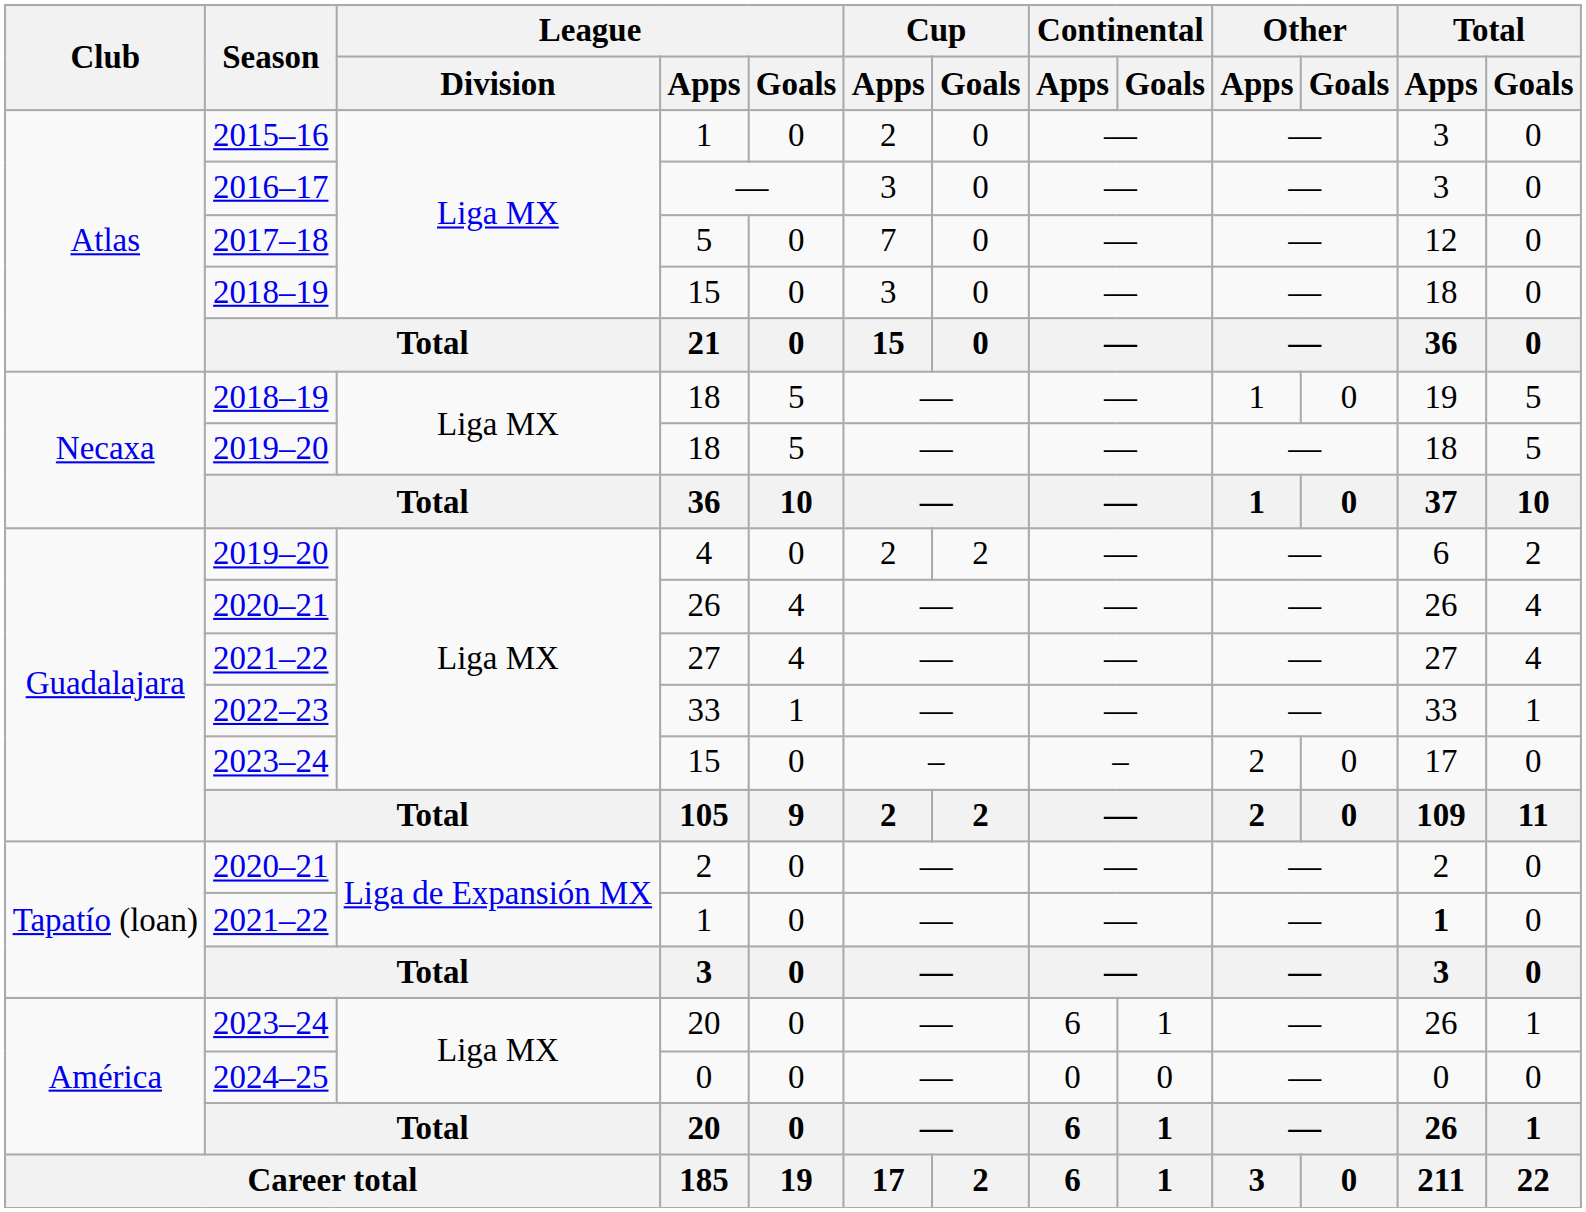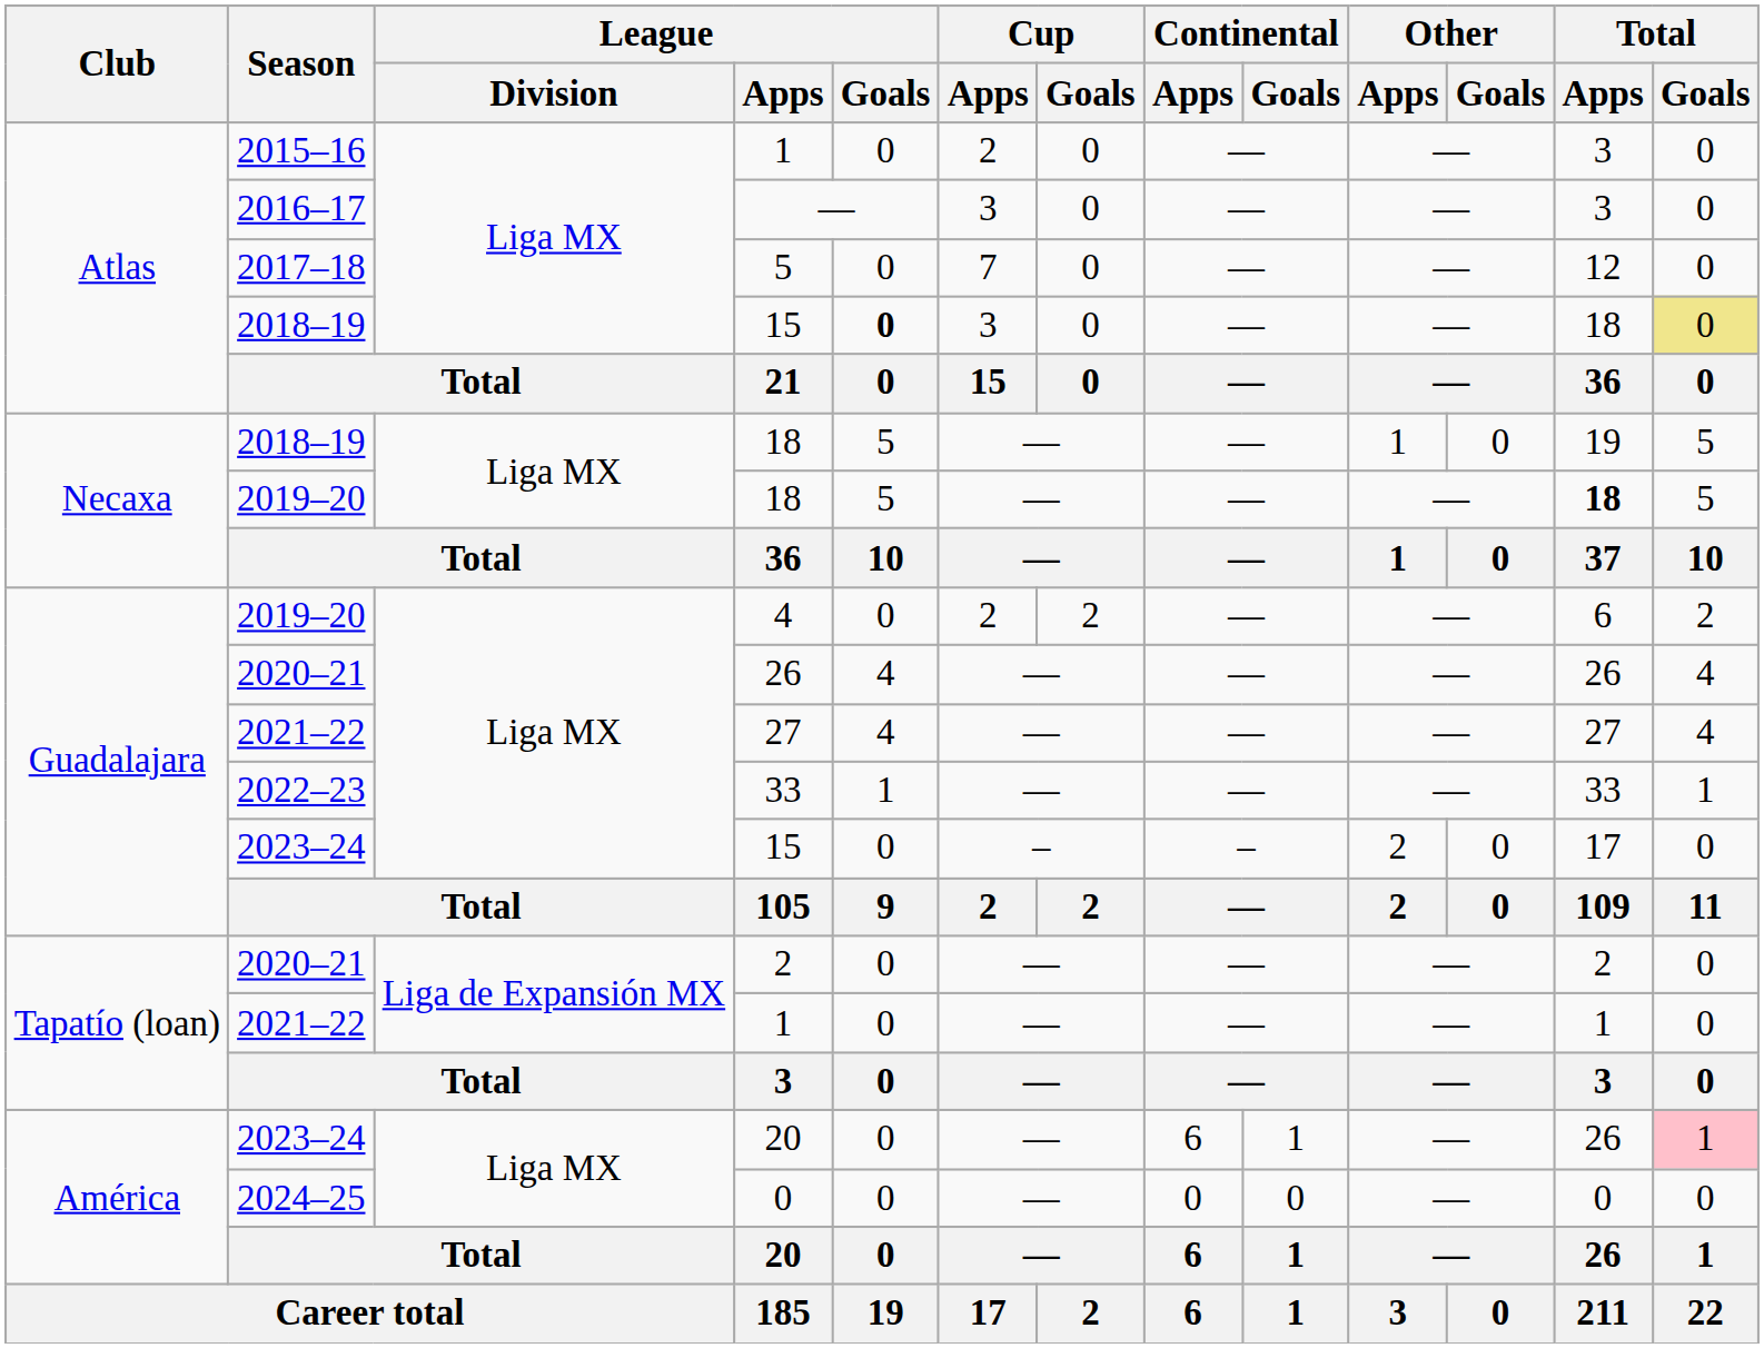 <table class="wikitable" style="text-align:center">
 <tr>
 <th rowspan="2">Club</th>
 <th rowspan="2">Season</th>
 <th colspan="3">League</th>
 <th colspan="2">Cup</th>
 <th colspan="2">Continental</th>
 <th colspan="2">Other</th>
 <th colspan="2">Total</th>
 </tr>
 <tr>
 <th>Division</th>
 <th>Apps</th>
 <th>Goals</th>
 <th>Apps</th>
 <th>Goals</th>
 <th>Apps</th>
 <th>Goals</th>
 <th>Apps</th>
 <th>Goals</th>
 <th>Apps</th>
 <th>Goals</th>
 </tr>
 <tr>
 <td rowspan="5"><a href='#'>Atlas</a></td>
 <td><a href='#'>2015–16</a></td>
 <td rowspan="4"><a href='#'>Liga MX</a></td>
 <td>1</td>
 <td>0</td>
 <td>2</td>
 <td>0</td>
 <td colspan=2>—</td>
 <td colspan=2>—</td>
 <td>3</td>
 <td>0</td>
 </tr>
 <tr>
 <td><a href='#'>2016–17</a></td>
 <td colspan=2>—</td>
 <td>3</td>
 <td>0</td>
 <td colspan=2>—</td>
 <td colspan=2>—</td>
 <td>3</td>
 <td>0</td>
 </tr>
 <tr>
 <td><a href='#'>2017–18</a></td>
 <td>5</td>
 <td>0</td>
 <td>7</td>
 <td>0</td>
 <td colspan=2>—</td>
 <td colspan=2>—</td>
 <td>12</td>
 <td>0</td>
 </tr>
 <tr>
 <td><a href='#'>2018–19</a></td>
 <td>15</td>
-<td>0</td>
+<td><strong>0</strong></td>
 <td>3</td>
 <td>0</td>
 <td colspan=2>—</td>
 <td colspan=2>—</td>
 <td>18</td>
-<td>0</td>
+<td style="background: khaki;">0</td>
 </tr>
 <tr>
 <th colspan="2">Total</th>
 <th>21</th>
 <th>0</th>
 <th>15</th>
 <th>0</th>
 <th colspan=2>—</th>
 <th colspan=2>—</th>
 <th>36</th>
 <th>0</th>
 </tr>
 <tr>
 <td rowspan="3"><a href='#'>Necaxa</a></td>
 <td><a href='#'>2018–19</a></td>
 <td rowspan="2">Liga MX</td>
 <td>18</td>
 <td>5</td>
 <td colspan=2>—</td>
 <td colspan=2>—</td>
 <td>1</td>
 <td>0</td>
 <td>19</td>
 <td>5</td>
 </tr>
 <tr>
 <td><a href='#'>2019–20</a></td>
 <td>18</td>
 <td>5</td>
 <td colspan=2>—</td>
 <td colspan=2>—</td>
 <td colspan="2">—</td>
-<td>18</td>
+<td><strong>18</strong></td>
 <td>5</td>
 </tr>
 <tr>
 <th colspan="2">Total</th>
 <th>36</th>
 <th>10</th>
 <th colspan=2>—</th>
 <th colspan=2>—</th>
 <th>1</th>
 <th>0</th>
 <th>37</th>
 <th>10</th>
 </tr>
 <tr>
 <td rowspan="6"><a href='#'>Guadalajara</a></td>
 <td><a href='#'>2019–20</a></td>
 <td rowspan="5">Liga MX</td>
 <td>4</td>
 <td>0</td>
 <td>2</td>
 <td>2</td>
 <td colspan=2>—</td>
 <td colspan=2>—</td>
 <td>6</td>
 <td>2</td>
 </tr>
 <tr>
 <td><a href='#'>2020–21</a></td>
 <td>26</td>
 <td>4</td>
 <td colspan=2>—</td>
 <td colspan=2>—</td>
 <td colspan="2">—</td>
 <td>26</td>
 <td>4</td>
 </tr>
 <tr>
 <td><a href='#'>2021–22</a></td>
 <td>27</td>
 <td>4</td>
 <td colspan=2>—</td>
 <td colspan=2>—</td>
 <td colspan="2">—</td>
 <td>27</td>
 <td>4</td>
 </tr>
 <tr>
 <td><a href='#'>2022–23</a></td>
 <td>33</td>
 <td>1</td>
 <td colspan=2>—</td>
 <td colspan=2>—</td>
 <td colspan="2">—</td>
 <td>33</td>
 <td>1</td>
 </tr>
 <tr>
 <td><a href='#'>2023–24</a></td>
 <td>15</td>
 <td>0</td>
 <td colspan="2">–</td>
 <td colspan="2">–</td>
 <td>2</td>
 <td>0</td>
 <td>17</td>
 <td>0</td>
 </tr>
 <tr>
 <th colspan="2">Total</th>
 <th>105</th>
 <th>9</th>
 <th>2</th>
 <th>2</th>
 <th colspan="2">—</th>
 <th>2</th>
 <th>0</th>
 <th>109</th>
 <th>11</th>
 </tr>
 <tr>
 <td rowspan="3"><a href='#'>Tapatío</a> (loan)</td>
 <td><a href='#'>2020–21</a></td>
 <td rowspan="2"><a href='#'>Liga de Expansión MX</a></td>
 <td>2</td>
 <td>0</td>
 <td colspan=2>—</td>
 <td colspan=2>—</td>
 <td colspan=2>—</td>
 <td>2</td>
 <td>0</td>
 </tr>
 <tr>
 <td><a href='#'>2021–22</a></td>
 <td>1</td>
 <td>0</td>
 <td colspan=2>—</td>
 <td colspan=2>—</td>
 <td colspan="2">—</td>
-<td><strong>1</strong></td>
+<td>1</td>
 <td>0</td>
 </tr>
 <tr>
 <th colspan="2">Total</th>
 <th>3</th>
 <th>0</th>
 <th colspan="2">—</th>
 <th colspan="2">—</th>
 <th colspan="2">—</th>
 <th>3</th>
 <th>0</th>
 </tr>
 <tr>
 <td rowspan="3"><a href='#'>América</a></td>
 <td><a href='#'>2023–24</a></td>
 <td rowspan="2">Liga MX</td>
 <td>20</td>
 <td>0</td>
 <td colspan=2>—</td>
 <td>6</td>
 <td>1</td>
 <td colspan=2>—</td>
 <td>26</td>
-<td>1</td>
+<td style="background: pink;">1</td>
 </tr>
 <tr>
 <td><a href='#'>2024–25</a></td>
 <td>0</td>
 <td>0</td>
 <td colspan="2">—</td>
 <td>0</td>
 <td>0</td>
 <td colspan="2">—</td>
 <td>0</td>
 <td>0</td>
 </tr>
 <tr>
 <th colspan="2">Total</th>
 <th>20</th>
 <th>0</th>
 <th colspan="2">—</th>
 <th>6</th>
 <th>1</th>
 <th colspan="2">—</th>
 <th>26</th>
 <th>1</th>
 </tr>
 <tr>
 <th colspan="3">Career total</th>
 <th>185</th>
 <th>19</th>
 <th>17</th>
 <th>2</th>
 <th>6</th>
 <th>1</th>
 <th>3</th>
 <th>0</th>
 <th>211</th>
 <th>22</th>
 </tr>
 </table>
